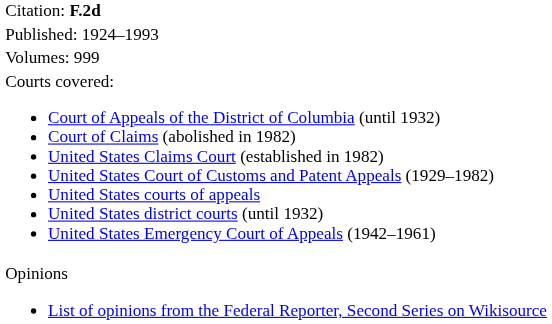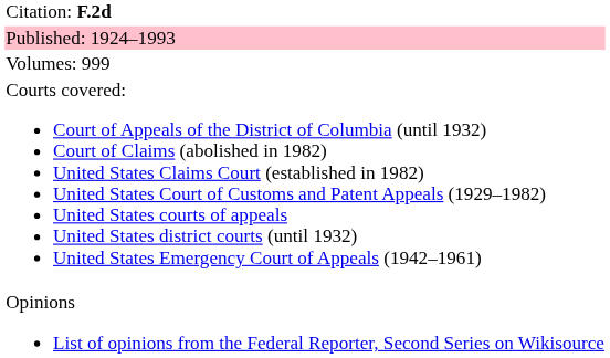 <table border=0>
 <tr>
 <td>Citation: <strong>F.2d</strong></td>
 </tr>
 <tr>
-<td>Published: 1924–1993</td>
+<td style="background: pink;">Published: 1924–1993</td>
 </tr>
 <tr>
 <td>Volumes: 999</td>
 </tr>
 <tr>
 <td>Courts covered:<br><ul><li><a href='#'>Court of Appeals of the District of Columbia</a> (until 1932)</li><li><a href='#'>Court of Claims</a> (abolished in 1982)</li><li><a href='#'>United States Claims Court</a> (established in 1982)</li><li><a href='#'>United States Court of Customs and Patent Appeals</a> (1929–1982)</li><li><a href='#'>United States courts of appeals</a></li><li><a href='#'>United States district courts</a> (until 1932)</li><li><a href='#'>United States Emergency Court of Appeals</a> (1942–1961)</li></ul></td>
 </tr>
 <tr>
 <td>Opinions<br><ul><li><a href='#'>List of opinions from the Federal Reporter, Second Series on Wikisource</a></li></ul></td>
 </tr>
 </table>
